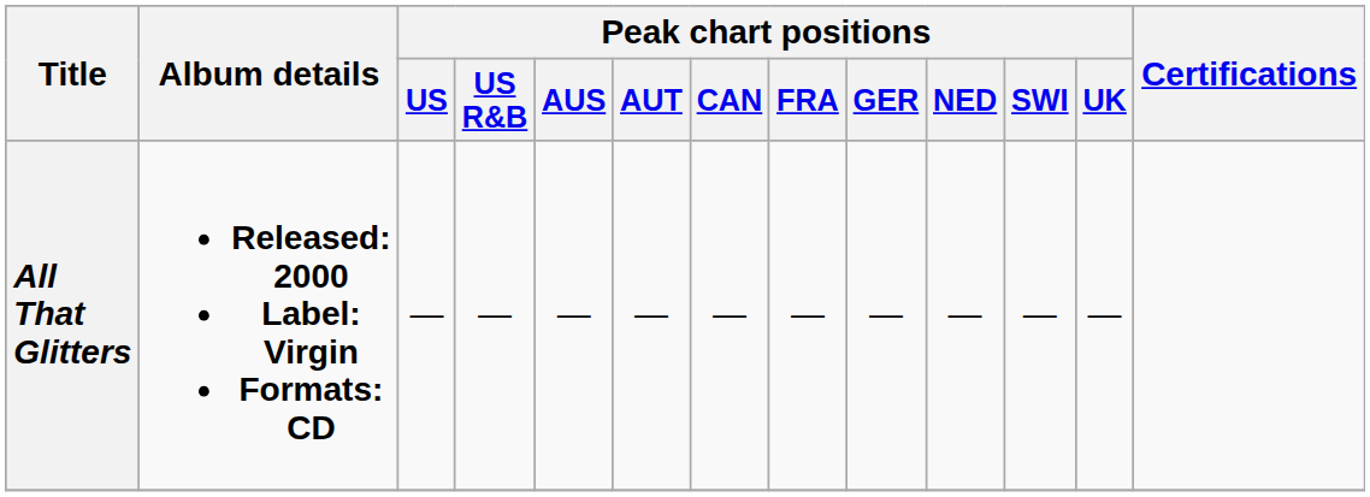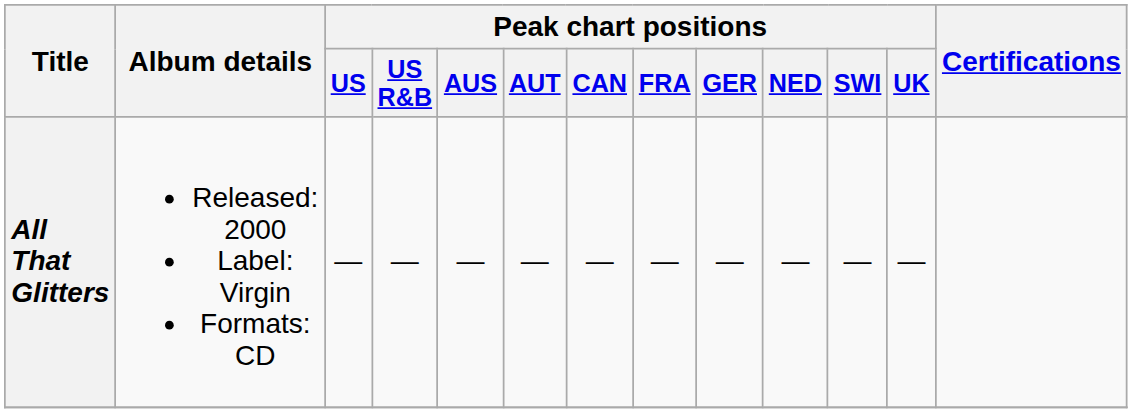 <table class="wikitable plainrowheaders" style="text-align:center;">
 <tr>
 <th scope="col" rowspan="2" style="width:17em;">Title</th>
 <th scope="col" rowspan="2" style="width:21em;">Album details</th>
 <th scope="col" colspan="10">Peak chart positions</th>
 <th scope="col" rowspan="2" style="width:14em;"><a href='#'>Certifications</a></th>
 </tr>
 <tr>
 <th scope="col" style="width:3em;font-size:90%;"><a href='#'>US</a><br></th>
 <th scope="col" style="width:3em;font-size:90%;"><a href='#'>US R&B</a><br></th>
 <th scope="col" style="width:3em;font-size:90%;"><a href='#'>AUS</a><br></th>
 <th scope="col" style="width:3em;font-size:90%;"><a href='#'>AUT</a><br></th>
 <th scope="col" style="width:3em;font-size:90%;"><a href='#'>CAN</a><br></th>
 <th scope="col" style="width:3em;font-size:90%;"><a href='#'>FRA</a><br></th>
 <th scope="col" style="width:3em;font-size:90%;"><a href='#'>GER</a><br></th>
 <th scope="col" style="width:3em;font-size:90%;"><a href='#'>NED</a><br></th>
 <th scope="col" style="width:3em;font-size:90%;"><a href='#'>SWI</a><br></th>
 <th scope="col" style="width:3em;font-size:90%;"><a href='#'>UK</a><br></th>
 </tr>
 <tr>
 <th scope="row" style="text-align:left;"><em>All That Glitters</em></th>
-<td><strong><br><ul><li>Released: 2000</li><li>Label: Virgin</li><li>Formats: CD</li></ul></strong></td>
+<td><br><ul><li>Released: 2000</li><li>Label: Virgin</li><li>Formats: CD</li></ul></td>
 <td>—</td>
 <td>—</td>
 <td>—</td>
 <td>—</td>
 <td>—</td>
 <td>—</td>
 <td>—</td>
 <td>—</td>
 <td>—</td>
 <td>—</td>
 <td></td>
 </tr>
 <tr>
 </tr>
 </table>
